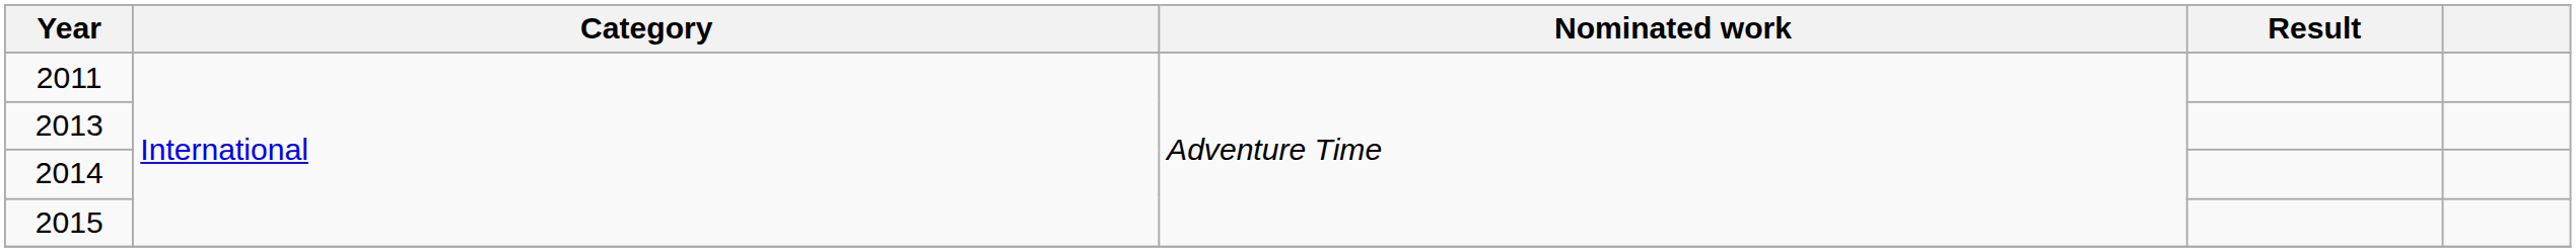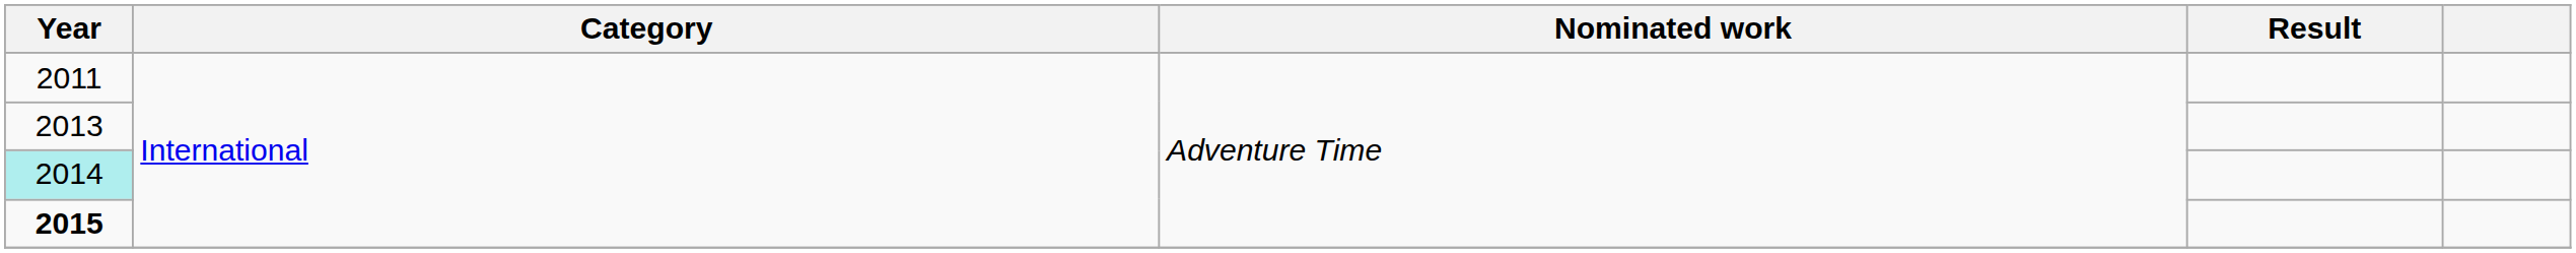 <table class="wikitable" style="width:85%;">
 <tr>
 <th width=5%>Year</th>
 <th style="width:40%;">Category</th>
 <th style="width:40%;">Nominated work</th>
 <th style="width:10%;">Result</th>
 <th width=5%></th>
 </tr>
 <tr>
 <td style="text-align:center;">2011</td>
 <td rowspan="4"><a href='#'>International</a></td>
 <td rowspan="4"><em>Adventure Time</em></td>
 <td></td>
 <td></td>
 </tr>
 <tr>
 <td style="text-align:center;">2013</td>
 <td></td>
 <td></td>
 </tr>
 <tr>
-<td style="text-align:center;">2014</td>
+<td style="background: paleturquoise; text-align:center;">2014</td>
 <td></td>
 <td></td>
 </tr>
 <tr>
-<td style="text-align:center;">2015</td>
+<td style="text-align:center;"><strong>2015</strong></td>
 <td></td>
 <td></td>
 </tr>
 <tr>
 </tr>
 </table>
